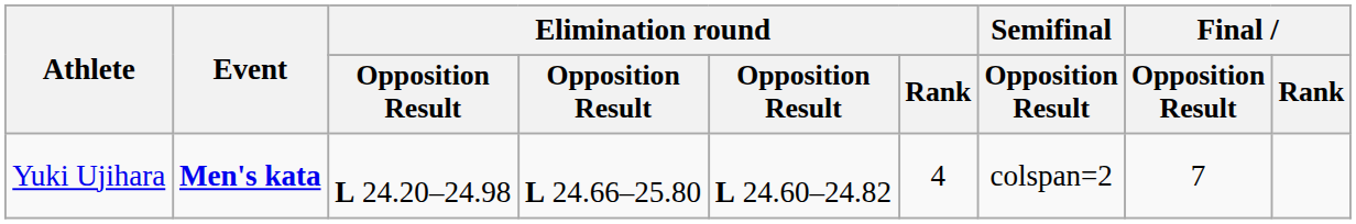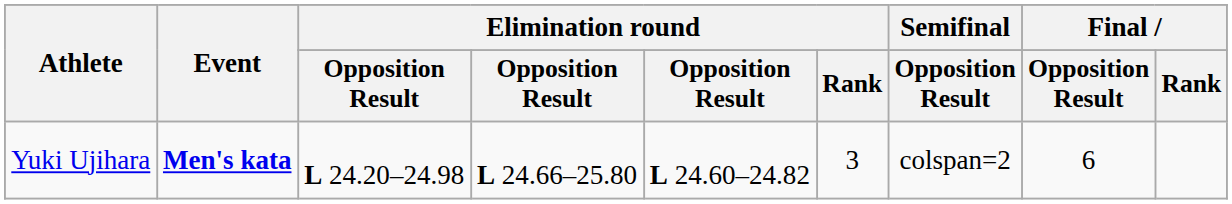 <table class=wikitable style=font-size:90%;text-align:center>
 <tr>
 <th rowspan=2>Athlete</th>
 <th rowspan=2>Event</th>
 <th colspan=4>Elimination round</th>
 <th>Semifinal</th>
 <th colspan=2>Final / </th>
 </tr>
 <tr style=font-size:95%>
 <th>Opposition<br>Result</th>
 <th>Opposition<br>Result</th>
 <th>Opposition<br>Result</th>
 <th>Rank</th>
 <th>Opposition<br>Result</th>
 <th>Opposition<br>Result</th>
 <th>Rank</th>
 </tr>
 <tr>
 <td align=left><a href='#'>Yuki Ujihara</a></td>
 <td align=left><strong><a href='#'>Men's kata</a></strong></td>
 <td><br><strong>L</strong> 24.20–24.98</td>
 <td><br><strong>L</strong> 24.66–25.80</td>
 <td><br><strong>L</strong> 24.60–24.82</td>
-<td>4</td>
+<td>3</td>
 <td>colspan=2 </td>
-<td>7</td>
+<td>6</td>
 </tr>
 </table>
